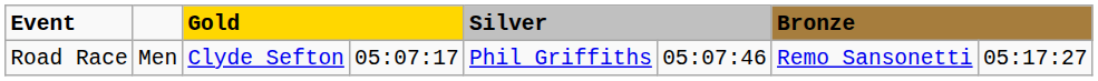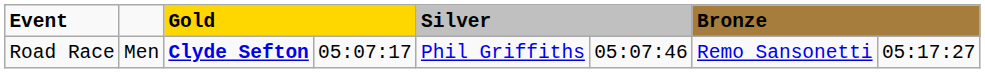 <table class="wikitable">
 <tr>
 <td><strong>Event</strong></td>
 <td></td>
 <td !align="center" bgcolor="gold" colspan="2"><strong>Gold</strong></td>
 <td !align="center" bgcolor="silver" colspan="2"><strong>Silver</strong></td>
 <td !align="center" bgcolor="#a67d3d" colspan="2"><strong>Bronze</strong></td>
 </tr>
 <tr>
 <td>Road Race</td>
 <td>Men</td>
-<td> <a href='#'>Clyde Sefton</a></td>
+<td><strong> <a href='#'>Clyde Sefton</a></strong></td>
 <td>05:07:17</td>
 <td> <a href='#'>Phil Griffiths</a></td>
 <td>05:07:46</td>
 <td> <a href='#'>Remo Sansonetti</a></td>
 <td>05:17:27</td>
 </tr>
 </table>
